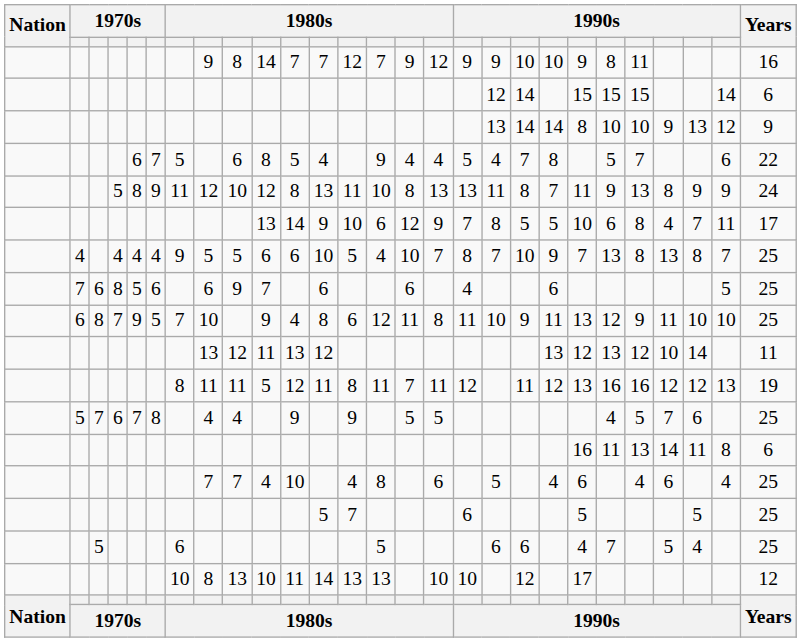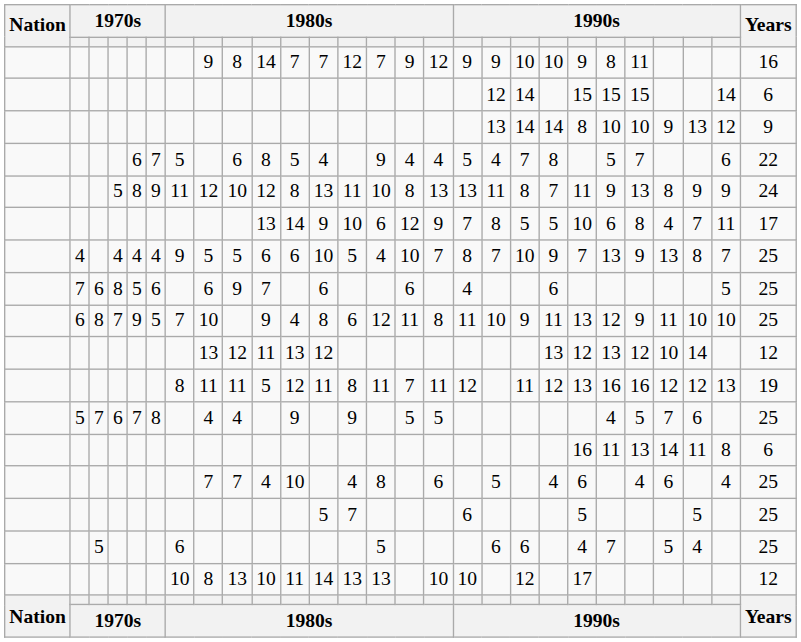 <table class="wikitable" style="text-align:center; font-size:90%;">
 <tr>
 <th rowspan=2>Nation</th>
 <th colspan=5>1970s</th>
 <th colspan=10>1980s</th>
 <th colspan=10>1990s</th>
 <th rowspan=2>Years</th>
 </tr>
 <tr>
 <th></th>
 <th></th>
 <th></th>
 <th></th>
 <th></th>
 <th></th>
 <th></th>
 <th></th>
 <th></th>
 <th></th>
 <th></th>
 <th></th>
 <th></th>
 <th></th>
 <th></th>
 <th></th>
 <th></th>
 <th></th>
 <th></th>
 <th></th>
 <th></th>
 <th></th>
 <th></th>
 <th></th>
 <th></th>
 </tr>
 <tr>
 <td align=left></td>
 <td></td>
 <td></td>
 <td></td>
 <td></td>
 <td></td>
 <td></td>
 <td>9</td>
 <td>8</td>
 <td>14</td>
 <td>7</td>
 <td>7</td>
 <td>12</td>
 <td>7</td>
 <td>9</td>
 <td>12</td>
 <td>9</td>
 <td>9</td>
 <td>10</td>
 <td>10</td>
 <td>9</td>
 <td>8</td>
 <td>11</td>
 <td></td>
 <td></td>
 <td></td>
 <td>16</td>
 </tr>
 <tr>
 <td align=left></td>
 <td></td>
 <td></td>
 <td></td>
 <td></td>
 <td></td>
 <td></td>
 <td></td>
 <td></td>
 <td></td>
 <td></td>
 <td></td>
 <td></td>
 <td></td>
 <td></td>
 <td></td>
 <td></td>
 <td>12</td>
 <td>14</td>
 <td></td>
 <td>15</td>
 <td>15</td>
 <td>15</td>
 <td></td>
 <td></td>
 <td>14</td>
 <td>6</td>
 </tr>
 <tr>
 <td align=left></td>
 <td></td>
 <td></td>
 <td></td>
 <td></td>
 <td></td>
 <td></td>
 <td></td>
 <td></td>
 <td></td>
 <td></td>
 <td></td>
 <td></td>
 <td></td>
 <td></td>
 <td></td>
 <td></td>
 <td>13</td>
 <td>14</td>
 <td>14</td>
 <td>8</td>
 <td>10</td>
 <td>10</td>
 <td>9</td>
 <td>13</td>
 <td>12</td>
 <td>9</td>
 </tr>
 <tr>
 <td align=left></td>
 <td></td>
 <td></td>
 <td></td>
 <td>6</td>
 <td>7</td>
 <td>5</td>
 <td></td>
 <td>6</td>
 <td>8</td>
 <td>5</td>
 <td>4</td>
 <td></td>
 <td>9</td>
 <td>4</td>
 <td>4</td>
 <td>5</td>
 <td>4</td>
 <td>7</td>
 <td>8</td>
 <td></td>
 <td>5</td>
 <td>7</td>
 <td></td>
 <td></td>
 <td>6</td>
 <td>22</td>
 </tr>
 <tr>
 <td align=left></td>
 <td></td>
 <td></td>
 <td>5</td>
 <td>8</td>
 <td>9</td>
 <td>11</td>
 <td>12</td>
 <td>10</td>
 <td>12</td>
 <td>8</td>
 <td>13</td>
 <td>11</td>
 <td>10</td>
 <td>8</td>
 <td>13</td>
 <td>13</td>
 <td>11</td>
 <td>8</td>
 <td>7</td>
 <td>11</td>
 <td>9</td>
 <td>13</td>
 <td>8</td>
 <td>9</td>
 <td>9</td>
 <td>24</td>
 </tr>
 <tr>
 <td align=left></td>
 <td></td>
 <td></td>
 <td></td>
 <td></td>
 <td></td>
 <td></td>
 <td></td>
 <td></td>
 <td>13</td>
 <td>14</td>
 <td>9</td>
 <td>10</td>
 <td>6</td>
 <td>12</td>
 <td>9</td>
 <td>7</td>
 <td>8</td>
 <td>5</td>
 <td>5</td>
 <td>10</td>
 <td>6</td>
 <td>8</td>
 <td>4</td>
 <td>7</td>
 <td>11</td>
 <td>17</td>
 </tr>
 <tr>
 <td align=left></td>
 <td>4</td>
 <td></td>
 <td>4</td>
 <td>4</td>
 <td>4</td>
 <td>9</td>
 <td>5</td>
 <td>5</td>
 <td>6</td>
 <td>6</td>
 <td>10</td>
 <td>5</td>
 <td>4</td>
 <td>10</td>
 <td>7</td>
 <td>8</td>
 <td>7</td>
 <td>10</td>
 <td>9</td>
 <td>7</td>
 <td>13</td>
-<td>8</td>
+<td>9</td>
 <td>13</td>
 <td>8</td>
 <td>7</td>
 <td>25</td>
 </tr>
 <tr>
 <td align=left></td>
 <td>7</td>
 <td>6</td>
 <td>8</td>
 <td>5</td>
 <td>6</td>
 <td></td>
 <td>6</td>
 <td>9</td>
 <td>7</td>
 <td></td>
 <td>6</td>
 <td></td>
 <td></td>
 <td>6</td>
 <td></td>
 <td>4</td>
 <td></td>
 <td></td>
 <td>6</td>
 <td></td>
 <td></td>
 <td></td>
 <td></td>
 <td></td>
 <td>5</td>
 <td>25</td>
 </tr>
 <tr>
 <td align=left></td>
 <td>6</td>
 <td>8</td>
 <td>7</td>
 <td>9</td>
 <td>5</td>
 <td>7</td>
 <td>10</td>
 <td></td>
 <td>9</td>
 <td>4</td>
 <td>8</td>
 <td>6</td>
 <td>12</td>
 <td>11</td>
 <td>8</td>
 <td>11</td>
 <td>10</td>
 <td>9</td>
 <td>11</td>
 <td>13</td>
 <td>12</td>
 <td>9</td>
 <td>11</td>
 <td>10</td>
 <td>10</td>
 <td>25</td>
 </tr>
 <tr>
 <td align=left></td>
 <td></td>
 <td></td>
 <td></td>
 <td></td>
 <td></td>
 <td></td>
 <td>13</td>
 <td>12</td>
 <td>11</td>
 <td>13</td>
 <td>12</td>
 <td></td>
 <td></td>
 <td></td>
 <td></td>
 <td></td>
 <td></td>
 <td></td>
 <td>13</td>
 <td>12</td>
 <td>13</td>
 <td>12</td>
 <td>10</td>
 <td>14</td>
 <td></td>
-<td>11</td>
+<td>12</td>
 </tr>
 <tr>
 <td align=left></td>
 <td></td>
 <td></td>
 <td></td>
 <td></td>
 <td></td>
 <td>8</td>
 <td>11</td>
 <td>11</td>
 <td>5</td>
 <td>12</td>
 <td>11</td>
 <td>8</td>
 <td>11</td>
 <td>7</td>
 <td>11</td>
 <td>12</td>
 <td></td>
 <td>11</td>
 <td>12</td>
 <td>13</td>
 <td>16</td>
 <td>16</td>
 <td>12</td>
 <td>12</td>
 <td>13</td>
 <td>19</td>
 </tr>
 <tr>
 <td align=left></td>
 <td>5</td>
 <td>7</td>
 <td>6</td>
 <td>7</td>
 <td>8</td>
 <td></td>
 <td>4</td>
 <td>4</td>
 <td></td>
 <td>9</td>
 <td></td>
 <td>9</td>
 <td></td>
 <td>5</td>
 <td>5</td>
 <td></td>
 <td></td>
 <td></td>
 <td></td>
 <td></td>
 <td>4</td>
 <td>5</td>
 <td>7</td>
 <td>6</td>
 <td></td>
 <td>25</td>
 </tr>
 <tr>
 <td align=left></td>
 <td></td>
 <td></td>
 <td></td>
 <td></td>
 <td></td>
 <td></td>
 <td></td>
 <td></td>
 <td></td>
 <td></td>
 <td></td>
 <td></td>
 <td></td>
 <td></td>
 <td></td>
 <td></td>
 <td></td>
 <td></td>
 <td></td>
 <td>16</td>
 <td>11</td>
 <td>13</td>
 <td>14</td>
 <td>11</td>
 <td>8</td>
 <td>6</td>
 </tr>
 <tr>
 <td align=left></td>
 <td></td>
 <td></td>
 <td></td>
 <td></td>
 <td></td>
 <td></td>
 <td>7</td>
 <td>7</td>
 <td>4</td>
 <td>10</td>
 <td></td>
 <td>4</td>
 <td>8</td>
 <td></td>
 <td>6</td>
 <td></td>
 <td>5</td>
 <td></td>
 <td>4</td>
 <td>6</td>
 <td></td>
 <td>4</td>
 <td>6</td>
 <td></td>
 <td>4</td>
 <td>25</td>
 </tr>
 <tr>
 <td align=left></td>
 <td></td>
 <td></td>
 <td></td>
 <td></td>
 <td></td>
 <td></td>
 <td></td>
 <td></td>
 <td></td>
 <td></td>
 <td>5</td>
 <td>7</td>
 <td></td>
 <td></td>
 <td></td>
 <td>6</td>
 <td></td>
 <td></td>
 <td></td>
 <td>5</td>
 <td></td>
 <td></td>
 <td></td>
 <td>5</td>
 <td><br></td>
 <td>25</td>
 </tr>
 <tr>
 <td align=left></td>
 <td></td>
 <td>5</td>
 <td></td>
 <td></td>
 <td></td>
 <td>6</td>
 <td></td>
 <td></td>
 <td></td>
 <td></td>
 <td></td>
 <td></td>
 <td>5</td>
 <td></td>
 <td></td>
 <td></td>
 <td>6</td>
 <td>6</td>
 <td></td>
 <td>4</td>
 <td>7</td>
 <td></td>
 <td>5</td>
 <td>4</td>
 <td></td>
 <td>25</td>
 </tr>
 <tr>
 <td align=left></td>
 <td></td>
 <td></td>
 <td></td>
 <td></td>
 <td></td>
 <td>10</td>
 <td>8</td>
 <td>13</td>
 <td>10</td>
 <td>11</td>
 <td>14</td>
 <td>13</td>
 <td>13</td>
 <td></td>
 <td>10</td>
 <td>10</td>
 <td></td>
 <td>12</td>
 <td></td>
 <td>17</td>
 <td></td>
 <td></td>
 <td></td>
 <td></td>
 <td></td>
 <td>12</td>
 </tr>
 <tr>
 <th rowspan=2>Nation</th>
 <th></th>
 <th></th>
 <th></th>
 <th></th>
 <th></th>
 <th></th>
 <th></th>
 <th></th>
 <th></th>
 <th></th>
 <th></th>
 <th></th>
 <th></th>
 <th></th>
 <th></th>
 <th></th>
 <th></th>
 <th></th>
 <th></th>
 <th></th>
 <th></th>
 <th></th>
 <th></th>
 <th></th>
 <th></th>
 <th rowspan=2>Years</th>
 </tr>
 <tr>
 <th colspan=5>1970s</th>
 <th colspan=10>1980s</th>
 <th colspan=10>1990s</th>
 </tr>
 </table>
